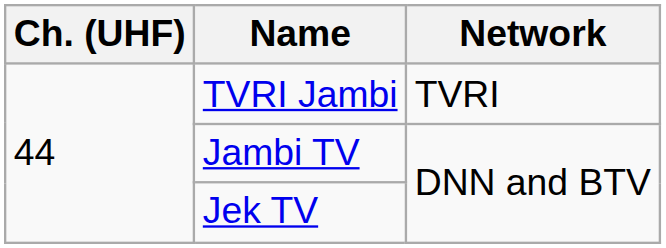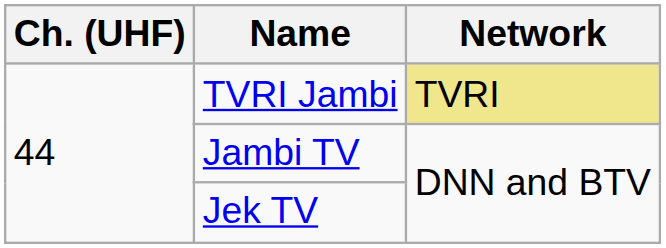 <table class="wikitable">
 <tr>
 <th>Ch. (UHF)</th>
 <th>Name</th>
 <th>Network</th>
 </tr>
 <tr>
 <td rowspan="3">44</td>
 <td><a href='#'>TVRI Jambi</a></td>
-<td>TVRI</td>
+<td style="background: khaki;">TVRI</td>
 </tr>
 <tr>
 <td><a href='#'>Jambi TV</a></td>
 <td rowspan="2">DNN and BTV</td>
 </tr>
 <tr>
 <td><a href='#'>Jek TV</a></td>
 </tr>
 </table>
